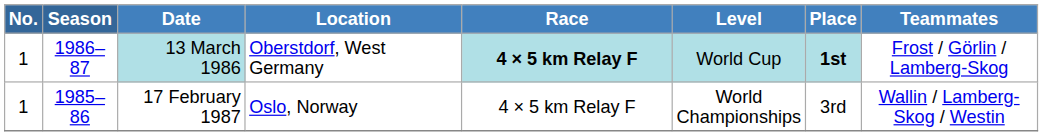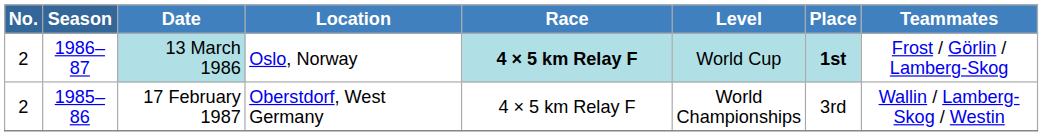 <table class="wikitable sortable" style="font-size:95%; text-align:center; border:grey solid 1px; border-collapse:collapse; background:#ffffff;">
 <tr style="background:#efefef;">
 <th style="background-color:#369; color:white;">No.</th>
 <th style="background-color:#369; color:white;">Season</th>
 <th style="background-color:#4180be; color:white; width:100px;">Date</th>
 <th style="background-color:#4180be; color:white; width:175px;">Location</th>
 <th style="background-color:#4180be; color:white; width:170px;">Race</th>
 <th style="background-color:#4180be; color:white; width:100px;">Level</th>
 <th style="background-color:#4180be; color:white;">Place</th>
 <th style="background-color:#4180be; color:white;">Teammates</th>
 </tr>
 <tr>
-<td align=center>1</td>
+<td align=center>2</td>
 <td rowspan=1 align=center><a href='#'>1986–87</a></td>
 <td bgcolor="#BOEOE6" align=right>13 March 1986</td>
-<td align=left> <a href='#'>Oberstdorf</a>, West Germany</td>
+<td align=left> <a href='#'>Oslo</a>, Norway</td>
 <td bgcolor="#BOEOE6"><strong>4 × 5 km Relay F</strong></td>
 <td bgcolor="#BOEOE6">World Cup</td>
 <td bgcolor="#BOEOE6"><strong>1st</strong></td>
 <td><a href='#'>Frost</a> / <a href='#'>Görlin</a> / <a href='#'>Lamberg-Skog</a></td>
 </tr>
 <tr>
-<td align=center>1</td>
+<td align=center>2</td>
 <td rowspan=1 align=center><a href='#'>1985–86</a></td>
 <td align=right>17 February 1987</td>
-<td align=left> <a href='#'>Oslo</a>, Norway</td>
+<td align=left> <a href='#'>Oberstdorf</a>, West Germany</td>
 <td>4 × 5 km Relay F</td>
 <td>World Championships</td>
 <td>3rd</td>
 <td><a href='#'>Wallin</a> / <a href='#'>Lamberg-Skog</a> / <a href='#'>Westin</a></td>
 </tr>
 <tr>
 </tr>
 </table>
